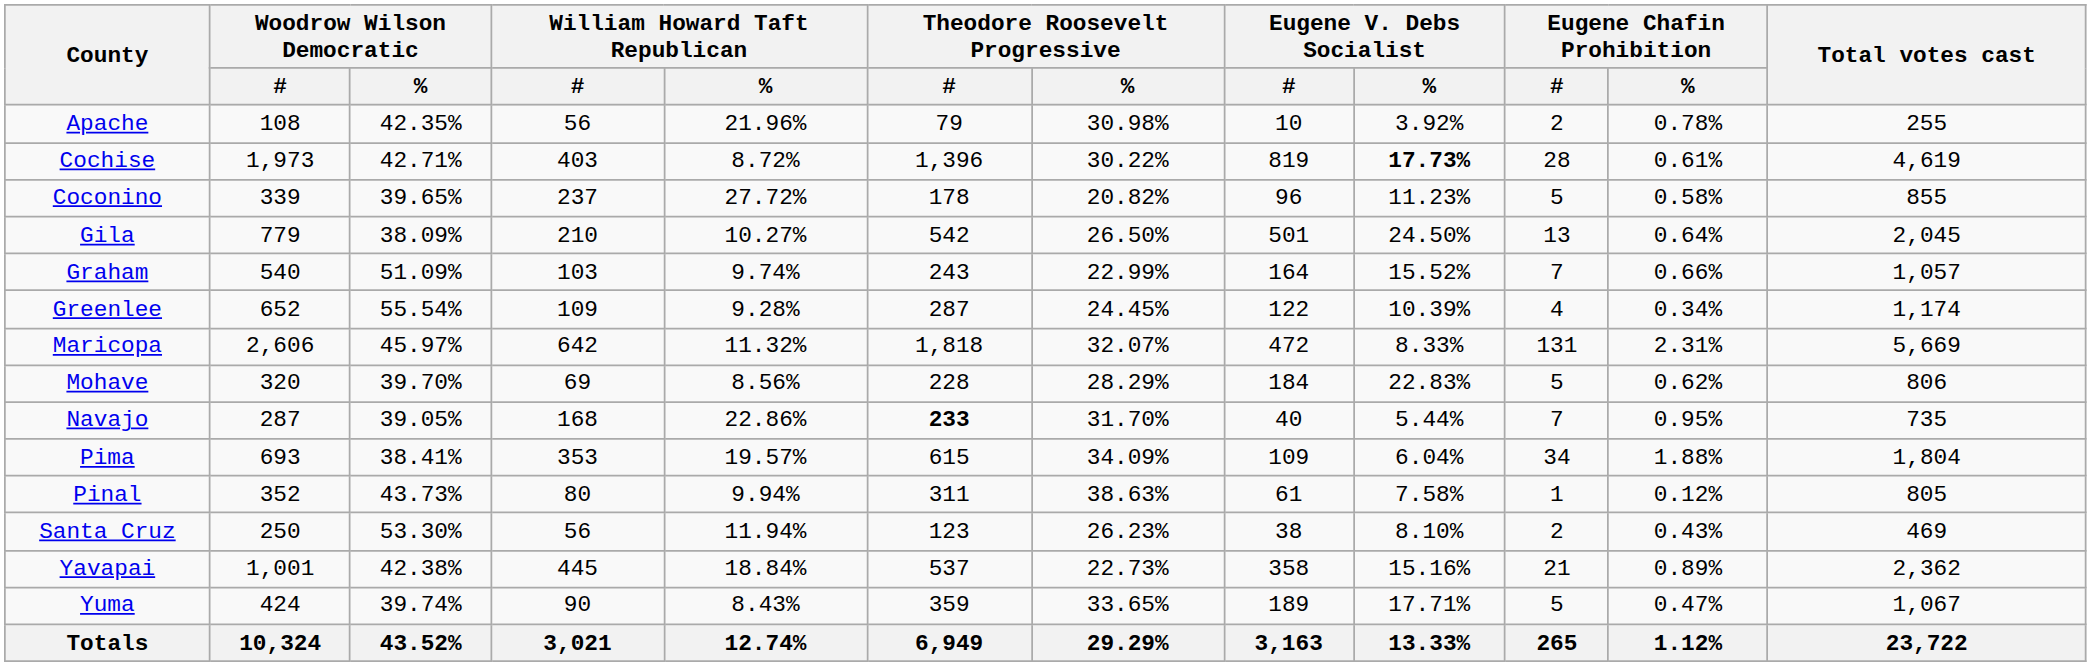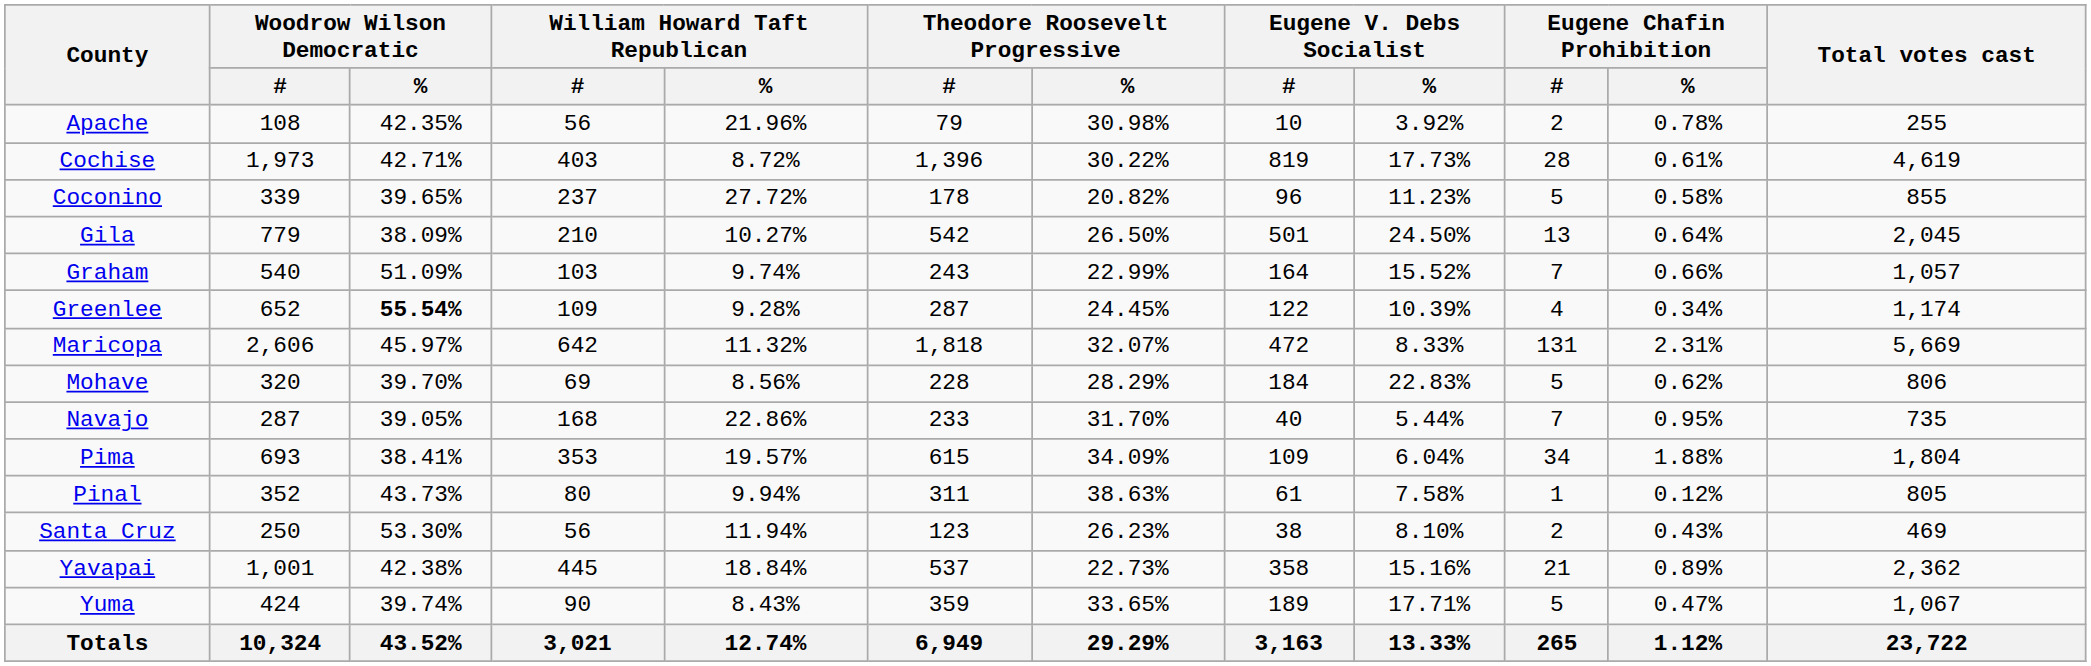 <table width="60%" class="wikitable sortable">
 <tr>
 <th rowspan="2">County</th>
 <th colspan="2">Woodrow Wilson<br>Democratic</th>
 <th colspan="2">William Howard Taft<br>Republican</th>
 <th colspan="2">Theodore Roosevelt<br>Progressive</th>
 <th colspan="2">Eugene V. Debs<br>Socialist</th>
 <th colspan="2">Eugene Chafin<br>Prohibition</th>
 <th rowspan="2">Total votes cast</th>
 </tr>
 <tr bgcolor="lightgrey">
 <th data-sort-type="number">#</th>
 <th data-sort-type="number">%</th>
 <th data-sort-type="number">#</th>
 <th data-sort-type="number">%</th>
 <th data-sort-type="number">#</th>
 <th data-sort-type="number">%</th>
 <th data-sort-type="number">#</th>
 <th data-sort-type="number">%</th>
 <th data-sort-type="number">#</th>
 <th data-sort-type="number">%</th>
 </tr>
 <tr style="text-align:center;">
 <td><a href='#'>Apache</a></td>
 <td>108</td>
 <td>42.35%</td>
 <td>56</td>
 <td>21.96%</td>
 <td>79</td>
 <td>30.98%</td>
 <td>10</td>
 <td>3.92%</td>
 <td>2</td>
 <td>0.78%</td>
 <td>255</td>
 </tr>
 <tr style="text-align:center;">
 <td><a href='#'>Cochise</a></td>
 <td>1,973</td>
 <td>42.71%</td>
 <td>403</td>
 <td>8.72%</td>
 <td>1,396</td>
 <td>30.22%</td>
 <td>819</td>
-<td><strong>17.73%</strong></td>
+<td>17.73%</td>
 <td>28</td>
 <td>0.61%</td>
 <td>4,619</td>
 </tr>
 <tr style="text-align:center;">
 <td><a href='#'>Coconino</a></td>
 <td>339</td>
 <td>39.65%</td>
 <td>237</td>
 <td>27.72%</td>
 <td>178</td>
 <td>20.82%</td>
 <td>96</td>
 <td>11.23%</td>
 <td>5</td>
 <td>0.58%</td>
 <td>855</td>
 </tr>
 <tr style="text-align:center;">
 <td><a href='#'>Gila</a></td>
 <td>779</td>
 <td>38.09%</td>
 <td>210</td>
 <td>10.27%</td>
 <td>542</td>
 <td>26.50%</td>
 <td>501</td>
 <td>24.50%</td>
 <td>13</td>
 <td>0.64%</td>
 <td>2,045</td>
 </tr>
 <tr style="text-align:center;">
 <td><a href='#'>Graham</a></td>
 <td>540</td>
 <td>51.09%</td>
 <td>103</td>
 <td>9.74%</td>
 <td>243</td>
 <td>22.99%</td>
 <td>164</td>
 <td>15.52%</td>
 <td>7</td>
 <td>0.66%</td>
 <td>1,057</td>
 </tr>
 <tr style="text-align:center;">
 <td><a href='#'>Greenlee</a></td>
 <td>652</td>
-<td>55.54%</td>
+<td><strong>55.54%</strong></td>
 <td>109</td>
 <td>9.28%</td>
 <td>287</td>
 <td>24.45%</td>
 <td>122</td>
 <td>10.39%</td>
 <td>4</td>
 <td>0.34%</td>
 <td>1,174</td>
 </tr>
 <tr style="text-align:center;">
 <td><a href='#'>Maricopa</a></td>
 <td>2,606</td>
 <td>45.97%</td>
 <td>642</td>
 <td>11.32%</td>
 <td>1,818</td>
 <td>32.07%</td>
 <td>472</td>
 <td>8.33%</td>
 <td>131</td>
 <td>2.31%</td>
 <td>5,669</td>
 </tr>
 <tr style="text-align:center;">
 <td><a href='#'>Mohave</a></td>
 <td>320</td>
 <td>39.70%</td>
 <td>69</td>
 <td>8.56%</td>
 <td>228</td>
 <td>28.29%</td>
 <td>184</td>
 <td>22.83%</td>
 <td>5</td>
 <td>0.62%</td>
 <td>806</td>
 </tr>
 <tr style="text-align:center;">
 <td><a href='#'>Navajo</a></td>
 <td>287</td>
 <td>39.05%</td>
 <td>168</td>
 <td>22.86%</td>
-<td><strong>233</strong></td>
+<td>233</td>
 <td>31.70%</td>
 <td>40</td>
 <td>5.44%</td>
 <td>7</td>
 <td>0.95%</td>
 <td>735</td>
 </tr>
 <tr style="text-align:center;">
 <td><a href='#'>Pima</a></td>
 <td>693</td>
 <td>38.41%</td>
 <td>353</td>
 <td>19.57%</td>
 <td>615</td>
 <td>34.09%</td>
 <td>109</td>
 <td>6.04%</td>
 <td>34</td>
 <td>1.88%</td>
 <td>1,804</td>
 </tr>
 <tr style="text-align:center;">
 <td><a href='#'>Pinal</a></td>
 <td>352</td>
 <td>43.73%</td>
 <td>80</td>
 <td>9.94%</td>
 <td>311</td>
 <td>38.63%</td>
 <td>61</td>
 <td>7.58%</td>
 <td>1</td>
 <td>0.12%</td>
 <td>805</td>
 </tr>
 <tr style="text-align:center;">
 <td><a href='#'>Santa Cruz</a></td>
 <td>250</td>
 <td>53.30%</td>
 <td>56</td>
 <td>11.94%</td>
 <td>123</td>
 <td>26.23%</td>
 <td>38</td>
 <td>8.10%</td>
 <td>2</td>
 <td>0.43%</td>
 <td>469</td>
 </tr>
 <tr style="text-align:center;">
 <td><a href='#'>Yavapai</a></td>
 <td>1,001</td>
 <td>42.38%</td>
 <td>445</td>
 <td>18.84%</td>
 <td>537</td>
 <td>22.73%</td>
 <td>358</td>
 <td>15.16%</td>
 <td>21</td>
 <td>0.89%</td>
 <td>2,362</td>
 </tr>
 <tr style="text-align:center;">
 <td><a href='#'>Yuma</a></td>
 <td>424</td>
 <td>39.74%</td>
 <td>90</td>
 <td>8.43%</td>
 <td>359</td>
 <td>33.65%</td>
 <td>189</td>
 <td>17.71%</td>
 <td>5</td>
 <td>0.47%</td>
 <td>1,067</td>
 </tr>
 <tr style="text-align:center;">
 <th>Totals</th>
 <th>10,324</th>
 <th>43.52%</th>
 <th>3,021</th>
 <th>12.74%</th>
 <th>6,949</th>
 <th>29.29%</th>
 <th>3,163</th>
 <th>13.33%</th>
 <th>265</th>
 <th>1.12%</th>
 <th>23,722</th>
 </tr>
 </table>
